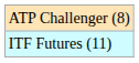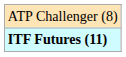 <table class=wikitable style=font-size:90%>
 <tr bgcolor=moccasin>
 <td>ATP Challenger (8)</td>
 </tr>
 <tr bgcolor=CFFCFF>
-<td>ITF Futures (11)</td>
+<td><strong>ITF Futures (11)</strong></td>
 </tr>
 </table>
